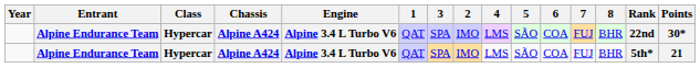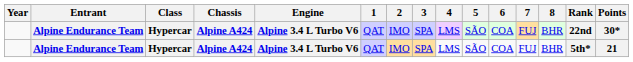 <table class="wikitable" style="text-align:center; font-size:85%">
 <tr>
 <th>Year</th>
 <th>Entrant</th>
 <th>Class</th>
 <th>Chassis</th>
 <th>Engine</th>
 <th>1</th>
+<th>2</th>
 <th>3</th>
-<th>2</th>
 <th>4</th>
 <th>5</th>
 <th>6</th>
 <th>7</th>
 <th>8</th>
 <th>Rank</th>
 <th>Points</th>
 </tr>
 <tr>
 <td></td>
 <th nowrap><a href='#'>Alpine Endurance Team</a></th>
 <th>Hypercar</th>
 <th nowrap><a href='#'>Alpine A424</a></th>
 <th nowrap><a href='#'>Alpine</a> 3.4 L Turbo V6</th>
 <td style="background:#CFCFFF;"><a href='#'>QAT</a><br></td>
+<td style="background:#CFCFFF;"><a href='#'>IMO</a><br></td>
 <td style="background:#CFCFFF;"><a href='#'>SPA</a><br></td>
-<td style="background:#CFCFFF;"><a href='#'>IMO</a><br></td>
 <td style="background:#EFCFFF;"><a href='#'>LMS</a><br></td>
 <td style="background:#DFFFDF;"><a href='#'>SÃO</a><br></td>
 <td style="background:#DFFFDF;"><a href='#'>COA</a><br></td>
 <td style="background:#FFDF9F;"><a href='#'>FUJ</a><br></td>
 <td style="background:#DFFFDF;"><a href='#'>BHR</a><br></td>
 <th>22nd</th>
 <th>30*</th>
 </tr>
 <tr>
 <td></td>
 <th><a href='#'>Alpine Endurance Team</a></th>
 <th>Hypercar</th>
 <th><a href='#'>Alpine A424</a></th>
 <th><a href='#'>Alpine</a> 3.4 L Turbo V6</th>
 <td style="background:#CFCFFF;"><a href='#'>QAT</a><br></td>
+<td style="background:#FFDF9F;"><a href='#'>IMO</a><br></td>
 <td style="background:#FFDF9F;"><a href='#'>SPA</a><br></td>
-<td style="background:#FFDF9F;"><a href='#'>IMO</a><br></td>
 <td style="background:#;"><a href='#'>LMS</a><br></td>
 <td style="background:#;"><a href='#'>SÃO</a><br></td>
 <td style="background:#;"><a href='#'>COA</a><br></td>
 <td style="background:#;"><a href='#'>FUJ</a><br></td>
 <td style="background:#;"><a href='#'>BHR</a><br></td>
 <th>5th*</th>
 <th>21</th>
 </tr>
 </table>
